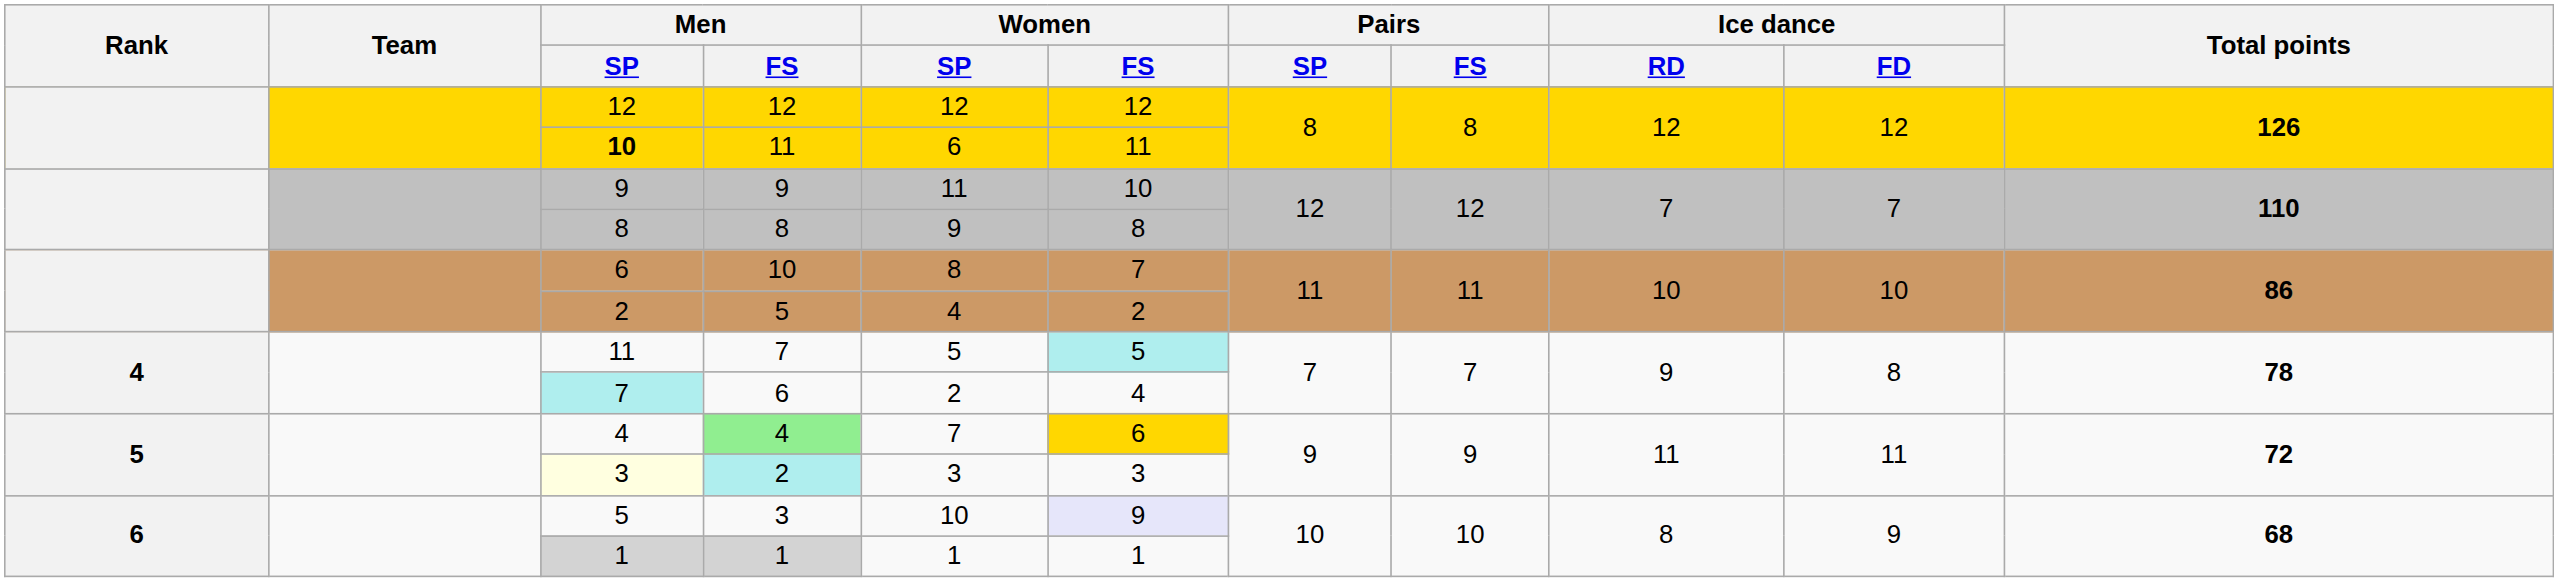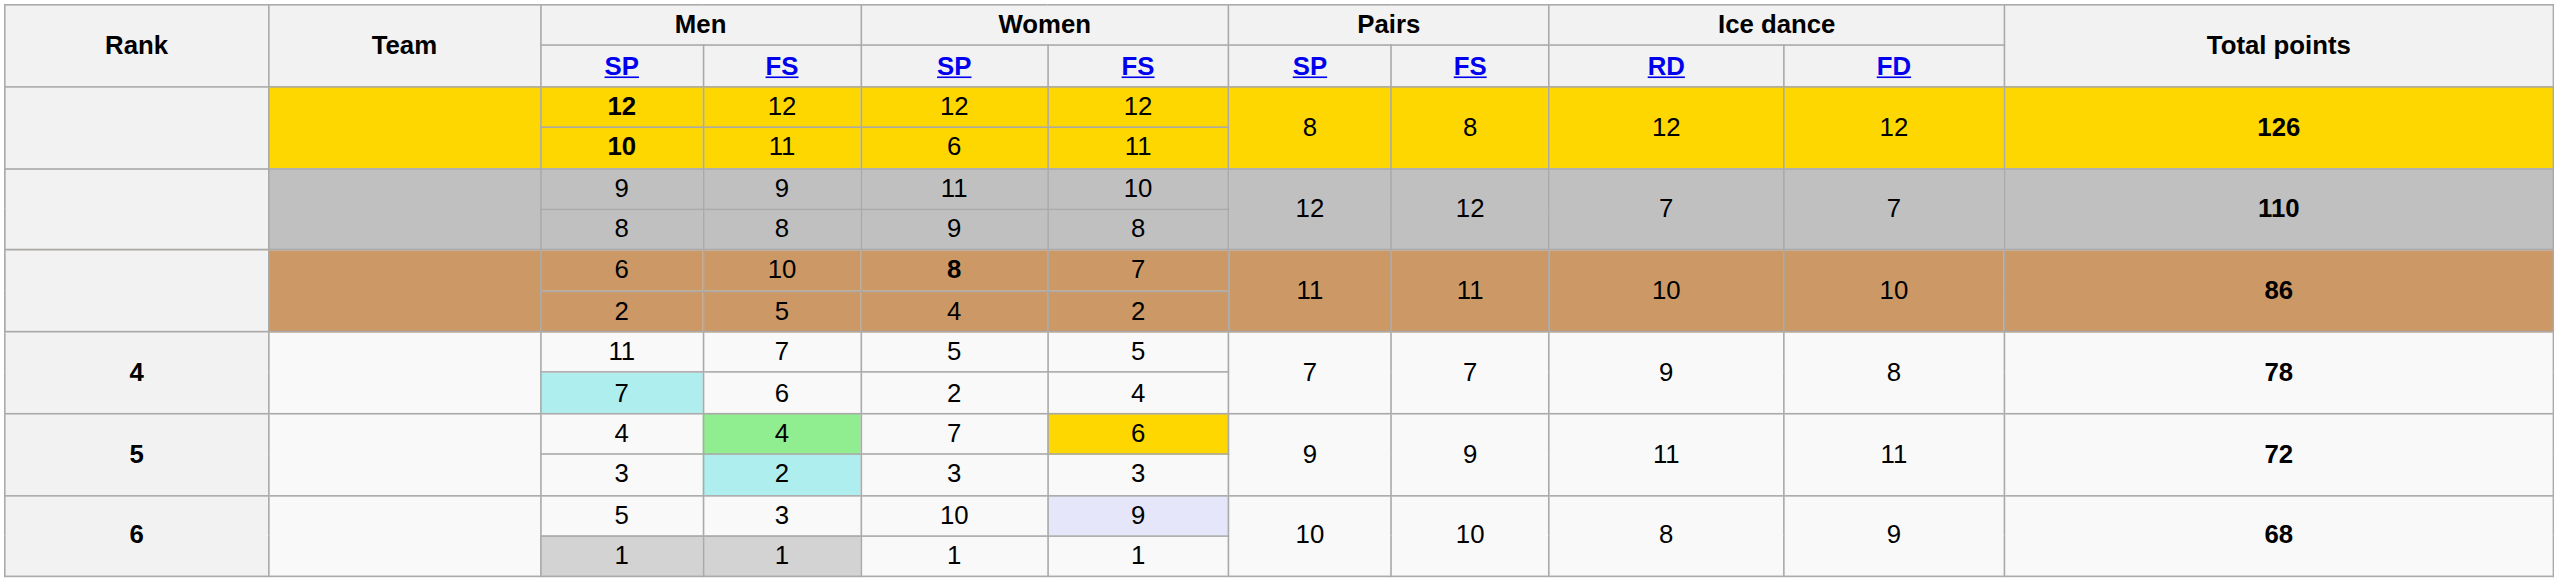 <table class="wikitable sortable" style="text-align:center; width:100%">
 <tr>
 <th scope="col" rowspan="2">Rank</th>
 <th scope="col" rowspan="2">Team</th>
 <th scope="col" colspan="2">Men</th>
 <th scope="col" colspan="2">Women</th>
 <th scope="col" colspan="2">Pairs</th>
 <th scope="col" colspan="2">Ice dance</th>
 <th scope="col" rowspan="2">Total points</th>
 </tr>
 <tr>
 <th><a href='#'>SP</a></th>
 <th><a href='#'>FS</a></th>
 <th><a href='#'>SP</a></th>
 <th><a href='#'>FS</a></th>
 <th><a href='#'>SP</a></th>
 <th><a href='#'>FS</a></th>
 <th><a href='#'>RD</a></th>
 <th><a href='#'>FD</a></th>
 </tr>
 <tr bgcolor="gold">
 <th scope="row" rowspan="2"></th>
 <td rowspan="2" align="left"></td>
-<td>12</td>
+<td><strong>12</strong></td>
 <td>12</td>
 <td>12</td>
 <td>12</td>
 <td rowspan="2">8</td>
 <td rowspan="2">8</td>
 <td rowspan="2">12</td>
 <td rowspan="2">12</td>
 <td rowspan="2"><strong>126</strong></td>
 </tr>
 <tr bgcolor="gold">
 <td><strong>10</strong></td>
 <td>11</td>
 <td>6</td>
 <td>11</td>
 </tr>
 <tr bgcolor="silver">
 <th scope="row" rowspan="2"></th>
 <td rowspan="2" align="left"></td>
 <td>9</td>
 <td>9</td>
 <td>11</td>
 <td>10</td>
 <td rowspan="2">12</td>
 <td rowspan="2">12</td>
 <td rowspan="2">7</td>
 <td rowspan="2">7</td>
 <td rowspan="2"><strong>110</strong></td>
 </tr>
 <tr bgcolor="silver">
 <td>8</td>
 <td>8</td>
 <td>9</td>
 <td>8</td>
 </tr>
 <tr bgcolor="#cc9966">
 <th scope="row" rowspan="2"></th>
 <td rowspan="2" align="left"></td>
 <td>6</td>
 <td>10</td>
-<td>8</td>
+<td><strong>8</strong></td>
 <td>7</td>
 <td rowspan="2">11</td>
 <td rowspan="2">11</td>
 <td rowspan="2">10</td>
 <td rowspan="2">10</td>
 <td rowspan="2"><strong>86</strong></td>
 </tr>
 <tr bgcolor="#cc9966">
 <td>2</td>
 <td>5</td>
 <td>4</td>
 <td>2</td>
 </tr>
 <tr>
 <th scope="row" rowspan="2">4</th>
 <td rowspan="2" align="left"></td>
 <td>11</td>
 <td>7</td>
 <td>5</td>
-<td style="background: paleturquoise;">5</td>
+<td>5</td>
 <td rowspan="2">7</td>
 <td rowspan="2">7</td>
 <td rowspan="2">9</td>
 <td rowspan="2">8</td>
 <td rowspan="2"><strong>78</strong></td>
 </tr>
 <tr>
 <td style="background: paleturquoise;">7</td>
 <td>6</td>
 <td>2</td>
 <td>4</td>
 </tr>
 <tr>
 <th scope="row" rowspan="2">5</th>
 <td rowspan="2" align="left"></td>
 <td>4</td>
 <td style="background: lightgreen;">4</td>
 <td>7</td>
 <td style="background: gold;">6</td>
 <td rowspan="2">9</td>
 <td rowspan="2">9</td>
 <td rowspan="2">11</td>
 <td rowspan="2">11</td>
 <td rowspan="2"><strong>72</strong></td>
 </tr>
 <tr>
-<td style="background: lightyellow;">3</td>
+<td>3</td>
 <td style="background: paleturquoise;">2</td>
 <td>3</td>
 <td>3</td>
 </tr>
 <tr>
 <th scope="row" rowspan="2">6</th>
 <td rowspan="2" align="left"></td>
 <td>5</td>
 <td>3</td>
 <td>10</td>
 <td style="background: lavender;">9</td>
 <td rowspan="2">10</td>
 <td rowspan="2">10</td>
 <td rowspan="2">8</td>
 <td rowspan="2">9</td>
 <td rowspan="2"><strong>68</strong></td>
 </tr>
 <tr>
 <td style="background: lightgrey;">1</td>
 <td style="background: lightgrey;">1</td>
 <td>1</td>
 <td>1</td>
 </tr>
 </table>
